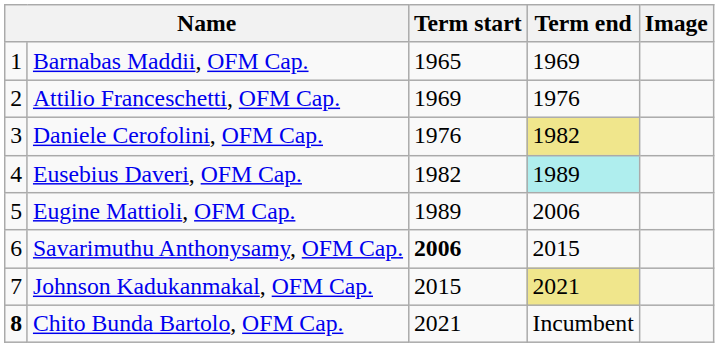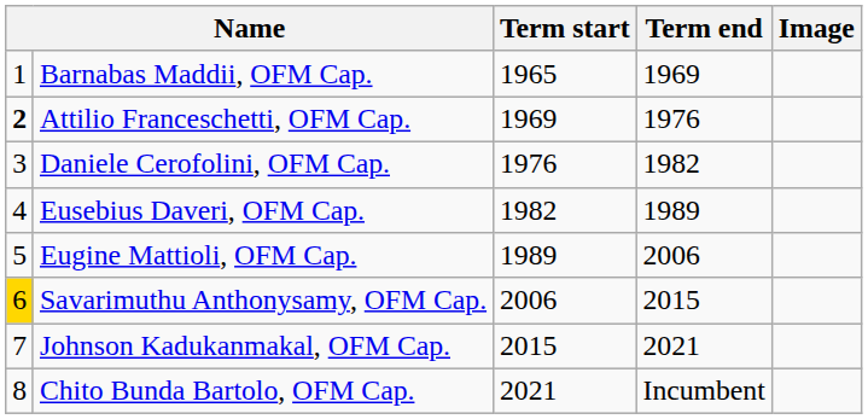 <table class="wikitable sortable">
 <tr>
 <th colspan="2">Name</th>
 <th>Term start</th>
 <th>Term end</th>
 <th class="unsortable">Image</th>
 </tr>
 <tr>
 <td>1</td>
 <td><a href='#'>Barnabas Maddii</a>, <a href='#'>OFM Cap.</a></td>
 <td>1965</td>
 <td>1969</td>
 <td></td>
 </tr>
 <tr>
-<td>2</td>
+<td><strong>2</strong></td>
 <td><a href='#'>Attilio Franceschetti</a>, <a href='#'>OFM Cap.</a></td>
 <td>1969</td>
 <td>1976</td>
 <td></td>
 </tr>
 <tr>
 <td>3</td>
 <td><a href='#'>Daniele Cerofolini</a>, <a href='#'>OFM Cap.</a></td>
 <td>1976</td>
-<td style="background: khaki;">1982</td>
+<td>1982</td>
 <td></td>
 </tr>
 <tr>
 <td>4</td>
 <td><a href='#'>Eusebius Daveri</a>, <a href='#'>OFM Cap.</a></td>
 <td>1982</td>
-<td style="background: paleturquoise;">1989</td>
+<td>1989</td>
 <td></td>
 </tr>
 <tr>
 <td>5</td>
 <td><a href='#'>Eugine Mattioli</a>, <a href='#'>OFM Cap.</a></td>
 <td>1989</td>
 <td>2006</td>
 <td></td>
 </tr>
 <tr>
-<td>6</td>
+<td style="background: gold;">6</td>
 <td><a href='#'>Savarimuthu Anthonysamy</a>, <a href='#'>OFM Cap.</a></td>
-<td><strong>2006</strong></td>
+<td>2006</td>
 <td>2015</td>
 <td></td>
 </tr>
 <tr>
 <td>7</td>
 <td><a href='#'>Johnson Kadukanmakal</a>, <a href='#'>OFM Cap.</a></td>
 <td>2015</td>
-<td style="background: khaki;">2021</td>
+<td>2021</td>
 <td></td>
 </tr>
 <tr>
-<td><strong>8</strong></td>
+<td>8</td>
 <td><a href='#'>Chito Bunda Bartolo</a>, <a href='#'>OFM Cap.</a></td>
 <td>2021</td>
 <td>Incumbent</td>
 <td></td>
 </tr>
 </table>
